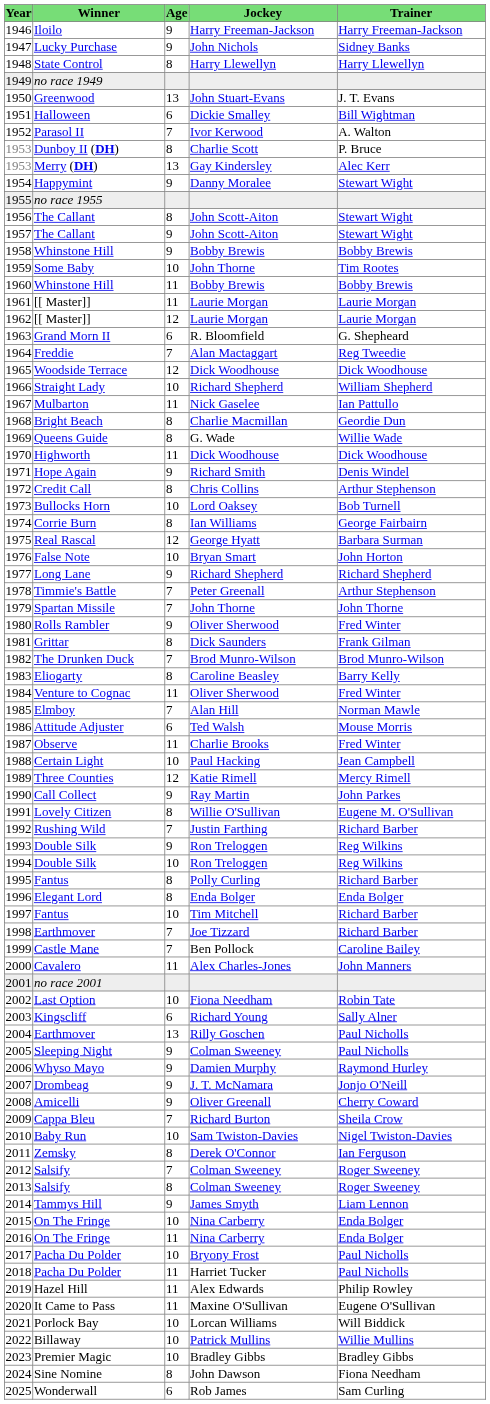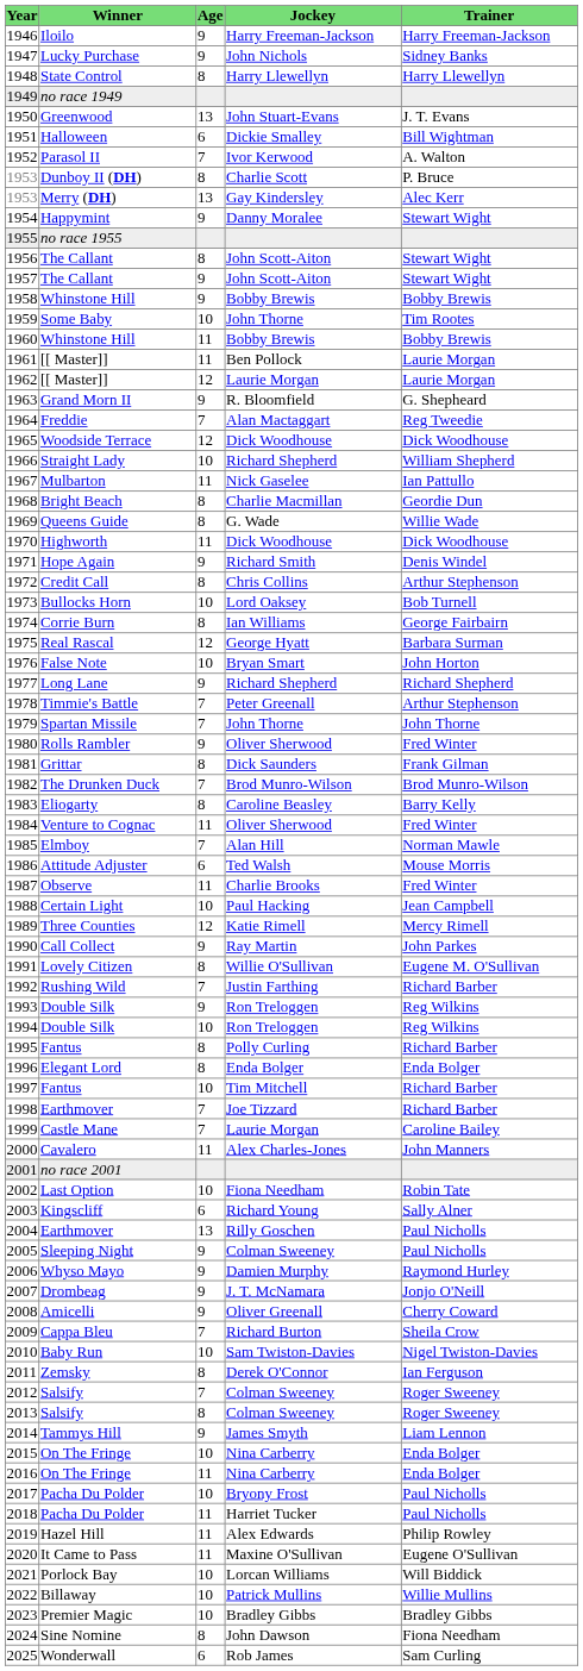 <table class="sortable" | border="1" style="border-collapse: collapse;">
 <tr bgcolor="#77dd77" align="center">
 <th>Year</th>
 <th>Winner</th>
 <th>Age</th>
 <th>Jockey</th>
 <th>Trainer</th>
 </tr>
 <tr>
 <td>1946</td>
 <td width=160px><a href='#'>Iloilo</a></td>
 <td>9</td>
 <td width=180px><a href='#'>Harry Freeman-Jackson</a></td>
 <td width=180px><a href='#'>Harry Freeman-Jackson</a></td>
 </tr>
 <tr>
 <td>1947</td>
 <td><a href='#'>Lucky Purchase</a></td>
 <td>9</td>
 <td><a href='#'>John Nichols</a></td>
 <td><a href='#'>Sidney Banks</a></td>
 </tr>
 <tr>
 <td>1948</td>
 <td><a href='#'>State Control</a></td>
 <td>8</td>
 <td><a href='#'>Harry Llewellyn</a></td>
 <td><a href='#'>Harry Llewellyn</a></td>
 </tr>
 <tr bgcolor="#eeeeee">
 <td><span>1949</span></td>
 <td><em>no race 1949</em> </td>
 <td></td>
 <td></td>
 <td></td>
 </tr>
 <tr>
 <td>1950</td>
 <td><a href='#'>Greenwood</a></td>
 <td>13</td>
 <td><a href='#'>John Stuart-Evans</a></td>
 <td>J. T. Evans</td>
 </tr>
 <tr>
 <td>1951</td>
 <td><a href='#'>Halloween</a></td>
 <td>6</td>
 <td><a href='#'>Dickie Smalley</a></td>
 <td><a href='#'>Bill Wightman</a></td>
 </tr>
 <tr>
 <td>1952</td>
 <td><a href='#'>Parasol II</a></td>
 <td>7</td>
 <td><a href='#'>Ivor Kerwood</a></td>
 <td>A. Walton</td>
 </tr>
 <tr>
 <td style="color: gray">1953</td>
 <td><a href='#'>Dunboy II</a> (<strong><a href='#'>DH</a></strong>)</td>
 <td>8</td>
 <td><a href='#'>Charlie Scott</a></td>
 <td>P. Bruce</td>
 </tr>
 <tr>
 <td style="color: gray">1953</td>
 <td><a href='#'>Merry</a> (<strong><a href='#'>DH</a></strong>)</td>
 <td>13</td>
 <td><a href='#'>Gay Kindersley</a></td>
 <td><a href='#'>Alec Kerr</a></td>
 </tr>
 <tr>
 <td>1954</td>
 <td><a href='#'>Happymint</a></td>
 <td>9</td>
 <td><a href='#'>Danny Moralee</a></td>
 <td><a href='#'>Stewart Wight</a></td>
 </tr>
 <tr bgcolor="#eeeeee">
 <td><span>1955</span></td>
 <td><em>no race 1955</em> </td>
 <td></td>
 <td></td>
 <td></td>
 </tr>
 <tr>
 <td>1956</td>
 <td><a href='#'>The Callant</a></td>
 <td>8</td>
 <td><a href='#'>John Scott-Aiton</a></td>
 <td><a href='#'>Stewart Wight</a></td>
 </tr>
 <tr>
 <td>1957</td>
 <td><a href='#'>The Callant</a></td>
 <td>9</td>
 <td><a href='#'>John Scott-Aiton</a></td>
 <td><a href='#'>Stewart Wight</a></td>
 </tr>
 <tr>
 <td>1958</td>
 <td><a href='#'>Whinstone Hill</a></td>
 <td>9</td>
 <td><a href='#'>Bobby Brewis</a></td>
 <td><a href='#'>Bobby Brewis</a></td>
 </tr>
 <tr>
 <td>1959</td>
 <td><a href='#'>Some Baby</a></td>
 <td>10</td>
 <td><a href='#'>John Thorne</a></td>
 <td><a href='#'>Tim Rootes</a></td>
 </tr>
 <tr>
 <td>1960</td>
 <td><a href='#'>Whinstone Hill</a></td>
 <td>11</td>
 <td><a href='#'>Bobby Brewis</a></td>
 <td><a href='#'>Bobby Brewis</a></td>
 </tr>
 <tr>
 <td>1961</td>
 <td>[[ Master]]</td>
 <td>11</td>
-<td><a href='#'>Laurie Morgan</a></td>
+<td>Ben Pollock</td>
 <td><a href='#'>Laurie Morgan</a></td>
 </tr>
 <tr>
 <td>1962</td>
 <td>[[ Master]]</td>
 <td>12</td>
 <td><a href='#'>Laurie Morgan</a></td>
 <td><a href='#'>Laurie Morgan</a></td>
 </tr>
 <tr>
 <td>1963</td>
 <td><a href='#'>Grand Morn II</a></td>
-<td>6</td>
+<td>9</td>
 <td>R. Bloomfield</td>
 <td>G. Shepheard</td>
 </tr>
 <tr>
 <td>1964</td>
 <td><a href='#'>Freddie</a></td>
 <td>7</td>
 <td><a href='#'>Alan Mactaggart</a></td>
 <td><a href='#'>Reg Tweedie</a></td>
 </tr>
 <tr>
 <td>1965</td>
 <td><a href='#'>Woodside Terrace</a></td>
 <td>12</td>
 <td><a href='#'>Dick Woodhouse</a></td>
 <td><a href='#'>Dick Woodhouse</a></td>
 </tr>
 <tr>
 <td>1966</td>
 <td><a href='#'>Straight Lady</a></td>
 <td>10</td>
 <td><a href='#'>Richard Shepherd</a></td>
 <td><a href='#'>William Shepherd</a></td>
 </tr>
 <tr>
 <td>1967</td>
 <td><a href='#'>Mulbarton</a></td>
 <td>11</td>
 <td><a href='#'>Nick Gaselee</a></td>
 <td><a href='#'>Ian Pattullo</a></td>
 </tr>
 <tr>
 <td>1968</td>
 <td><a href='#'>Bright Beach</a></td>
 <td>8</td>
 <td><a href='#'>Charlie Macmillan</a></td>
 <td><a href='#'>Geordie Dun</a></td>
 </tr>
 <tr>
 <td>1969</td>
 <td><a href='#'>Queens Guide</a></td>
 <td>8</td>
 <td>G. Wade</td>
 <td><a href='#'>Willie Wade</a></td>
 </tr>
 <tr>
 <td>1970</td>
 <td><a href='#'>Highworth</a></td>
 <td>11</td>
 <td><a href='#'>Dick Woodhouse</a></td>
 <td><a href='#'>Dick Woodhouse</a></td>
 </tr>
 <tr>
 <td>1971</td>
 <td><a href='#'>Hope Again</a></td>
 <td>9</td>
 <td><a href='#'>Richard Smith</a></td>
 <td><a href='#'>Denis Windel</a></td>
 </tr>
 <tr>
 <td>1972</td>
 <td><a href='#'>Credit Call</a></td>
 <td>8</td>
 <td><a href='#'>Chris Collins</a></td>
 <td><a href='#'>Arthur Stephenson</a></td>
 </tr>
 <tr>
 <td>1973</td>
 <td><a href='#'>Bullocks Horn</a></td>
 <td>10</td>
 <td><a href='#'>Lord Oaksey</a></td>
 <td><a href='#'>Bob Turnell</a></td>
 </tr>
 <tr>
 <td>1974</td>
 <td><a href='#'>Corrie Burn</a></td>
 <td>8</td>
 <td><a href='#'>Ian Williams</a></td>
 <td><a href='#'>George Fairbairn</a></td>
 </tr>
 <tr>
 <td>1975</td>
 <td><a href='#'>Real Rascal</a></td>
 <td>12</td>
 <td><a href='#'>George Hyatt</a></td>
 <td><a href='#'>Barbara Surman</a></td>
 </tr>
 <tr>
 <td>1976</td>
 <td><a href='#'>False Note</a></td>
 <td>10</td>
 <td><a href='#'>Bryan Smart</a></td>
 <td><a href='#'>John Horton</a></td>
 </tr>
 <tr>
 <td>1977</td>
 <td><a href='#'>Long Lane</a></td>
 <td>9</td>
 <td><a href='#'>Richard Shepherd</a></td>
 <td><a href='#'>Richard Shepherd</a></td>
 </tr>
 <tr>
 <td>1978</td>
 <td><a href='#'>Timmie's Battle</a></td>
 <td>7</td>
 <td><a href='#'>Peter Greenall</a></td>
 <td><a href='#'>Arthur Stephenson</a></td>
 </tr>
 <tr>
 <td>1979</td>
 <td><a href='#'>Spartan Missile</a></td>
 <td>7</td>
 <td><a href='#'>John Thorne</a></td>
 <td><a href='#'>John Thorne</a></td>
 </tr>
 <tr>
 <td>1980</td>
 <td><a href='#'>Rolls Rambler</a></td>
 <td>9</td>
 <td><a href='#'>Oliver Sherwood</a></td>
 <td><a href='#'>Fred Winter</a></td>
 </tr>
 <tr>
 <td>1981</td>
 <td><a href='#'>Grittar</a></td>
 <td>8</td>
 <td><a href='#'>Dick Saunders</a></td>
 <td><a href='#'>Frank Gilman</a></td>
 </tr>
 <tr>
 <td>1982</td>
 <td><a href='#'>The Drunken Duck</a></td>
 <td>7</td>
 <td><a href='#'>Brod Munro-Wilson</a></td>
 <td><a href='#'>Brod Munro-Wilson</a></td>
 </tr>
 <tr>
 <td>1983</td>
 <td><a href='#'>Eliogarty</a></td>
 <td>8</td>
 <td><a href='#'>Caroline Beasley</a></td>
 <td><a href='#'>Barry Kelly</a></td>
 </tr>
 <tr>
 <td>1984</td>
 <td><a href='#'>Venture to Cognac</a></td>
 <td>11</td>
 <td><a href='#'>Oliver Sherwood</a></td>
 <td><a href='#'>Fred Winter</a></td>
 </tr>
 <tr>
 <td>1985</td>
 <td><a href='#'>Elmboy</a></td>
 <td>7</td>
 <td><a href='#'>Alan Hill</a></td>
 <td><a href='#'>Norman Mawle</a></td>
 </tr>
 <tr>
 <td>1986</td>
 <td><a href='#'>Attitude Adjuster</a></td>
 <td>6</td>
 <td><a href='#'>Ted Walsh</a></td>
 <td><a href='#'>Mouse Morris</a></td>
 </tr>
 <tr>
 <td>1987</td>
 <td><a href='#'>Observe</a></td>
 <td>11</td>
 <td><a href='#'>Charlie Brooks</a></td>
 <td><a href='#'>Fred Winter</a></td>
 </tr>
 <tr>
 <td>1988</td>
 <td><a href='#'>Certain Light</a></td>
 <td>10</td>
 <td><a href='#'>Paul Hacking</a></td>
 <td><a href='#'>Jean Campbell</a></td>
 </tr>
 <tr>
 <td>1989</td>
 <td><a href='#'>Three Counties</a></td>
 <td>12</td>
 <td><a href='#'>Katie Rimell</a></td>
 <td><a href='#'>Mercy Rimell</a></td>
 </tr>
 <tr>
 <td>1990</td>
 <td><a href='#'>Call Collect</a></td>
 <td>9</td>
 <td><a href='#'>Ray Martin</a></td>
 <td><a href='#'>John Parkes</a></td>
 </tr>
 <tr>
 <td>1991</td>
 <td><a href='#'>Lovely Citizen</a></td>
 <td>8</td>
 <td><a href='#'>Willie O'Sullivan</a></td>
 <td><a href='#'>Eugene M. O'Sullivan</a></td>
 </tr>
 <tr>
 <td>1992</td>
 <td><a href='#'>Rushing Wild</a></td>
 <td>7</td>
 <td><a href='#'>Justin Farthing</a></td>
 <td><a href='#'>Richard Barber</a></td>
 </tr>
 <tr>
 <td>1993</td>
 <td><a href='#'>Double Silk</a></td>
 <td>9</td>
 <td><a href='#'>Ron Treloggen</a></td>
 <td><a href='#'>Reg Wilkins</a></td>
 </tr>
 <tr>
 <td>1994</td>
 <td><a href='#'>Double Silk</a></td>
 <td>10</td>
 <td><a href='#'>Ron Treloggen</a></td>
 <td><a href='#'>Reg Wilkins</a></td>
 </tr>
 <tr>
 <td>1995</td>
 <td><a href='#'>Fantus</a></td>
 <td>8</td>
 <td><a href='#'>Polly Curling</a></td>
 <td><a href='#'>Richard Barber</a></td>
 </tr>
 <tr>
 <td>1996</td>
 <td><a href='#'>Elegant Lord</a></td>
 <td>8</td>
 <td><a href='#'>Enda Bolger</a></td>
 <td><a href='#'>Enda Bolger</a></td>
 </tr>
 <tr>
 <td>1997</td>
 <td><a href='#'>Fantus</a></td>
 <td>10</td>
 <td><a href='#'>Tim Mitchell</a></td>
 <td><a href='#'>Richard Barber</a></td>
 </tr>
 <tr>
 <td>1998</td>
 <td><a href='#'>Earthmover</a></td>
 <td>7</td>
 <td><a href='#'>Joe Tizzard</a></td>
 <td><a href='#'>Richard Barber</a></td>
 </tr>
 <tr>
 <td>1999</td>
 <td><a href='#'>Castle Mane</a></td>
 <td>7</td>
-<td>Ben Pollock</td>
+<td><a href='#'>Laurie Morgan</a></td>
 <td><a href='#'>Caroline Bailey</a></td>
 </tr>
 <tr>
 <td>2000</td>
 <td><a href='#'>Cavalero</a></td>
 <td>11</td>
 <td><a href='#'>Alex Charles-Jones</a></td>
 <td><a href='#'>John Manners</a></td>
 </tr>
 <tr bgcolor="#eeeeee">
 <td><span>2001</span></td>
 <td><em>no race 2001</em> </td>
 <td></td>
 <td></td>
 <td></td>
 </tr>
 <tr>
 <td>2002</td>
 <td><a href='#'>Last Option</a></td>
 <td>10</td>
 <td><a href='#'>Fiona Needham</a></td>
 <td><a href='#'>Robin Tate</a></td>
 </tr>
 <tr>
 <td>2003</td>
 <td><a href='#'>Kingscliff</a></td>
 <td>6</td>
 <td><a href='#'>Richard Young</a></td>
 <td><a href='#'>Sally Alner</a></td>
 </tr>
 <tr>
 <td>2004</td>
 <td><a href='#'>Earthmover</a></td>
 <td>13</td>
 <td><a href='#'>Rilly Goschen</a></td>
 <td><a href='#'>Paul Nicholls</a></td>
 </tr>
 <tr>
 <td>2005</td>
 <td><a href='#'>Sleeping Night</a></td>
 <td>9</td>
 <td><a href='#'>Colman Sweeney</a></td>
 <td><a href='#'>Paul Nicholls</a></td>
 </tr>
 <tr>
 <td>2006</td>
 <td><a href='#'>Whyso Mayo</a></td>
 <td>9</td>
 <td><a href='#'>Damien Murphy</a></td>
 <td><a href='#'>Raymond Hurley</a></td>
 </tr>
 <tr>
 <td>2007</td>
 <td><a href='#'>Drombeag</a></td>
 <td>9</td>
 <td><a href='#'>J. T. McNamara</a></td>
 <td><a href='#'>Jonjo O'Neill</a></td>
 </tr>
 <tr>
 <td>2008</td>
 <td><a href='#'>Amicelli</a></td>
 <td>9</td>
 <td><a href='#'>Oliver Greenall</a></td>
 <td><a href='#'>Cherry Coward</a></td>
 </tr>
 <tr>
 <td>2009</td>
 <td><a href='#'>Cappa Bleu</a></td>
 <td>7</td>
 <td><a href='#'>Richard Burton</a></td>
 <td><a href='#'>Sheila Crow</a></td>
 </tr>
 <tr>
 <td>2010</td>
 <td><a href='#'>Baby Run</a></td>
 <td>10</td>
 <td><a href='#'>Sam Twiston-Davies</a></td>
 <td><a href='#'>Nigel Twiston-Davies</a></td>
 </tr>
 <tr>
 <td>2011</td>
 <td><a href='#'>Zemsky</a></td>
 <td>8</td>
 <td><a href='#'>Derek O'Connor</a></td>
 <td><a href='#'>Ian Ferguson</a></td>
 </tr>
 <tr>
 <td>2012</td>
 <td><a href='#'>Salsify</a></td>
 <td>7</td>
 <td><a href='#'>Colman Sweeney</a></td>
 <td><a href='#'>Roger Sweeney</a></td>
 </tr>
 <tr>
 <td>2013</td>
 <td><a href='#'>Salsify</a></td>
 <td>8</td>
 <td><a href='#'>Colman Sweeney</a></td>
 <td><a href='#'>Roger Sweeney</a></td>
 </tr>
 <tr>
 <td>2014</td>
 <td><a href='#'>Tammys Hill</a></td>
 <td>9</td>
 <td><a href='#'>James Smyth</a></td>
 <td><a href='#'>Liam Lennon</a></td>
 </tr>
 <tr>
 <td>2015</td>
 <td><a href='#'>On The Fringe</a></td>
 <td>10</td>
 <td><a href='#'>Nina Carberry</a></td>
 <td><a href='#'>Enda Bolger</a></td>
 </tr>
 <tr>
 <td>2016</td>
 <td><a href='#'>On The Fringe</a></td>
 <td>11</td>
 <td><a href='#'>Nina Carberry</a></td>
 <td><a href='#'>Enda Bolger</a></td>
 </tr>
 <tr>
 <td>2017</td>
 <td><a href='#'>Pacha Du Polder</a></td>
 <td>10</td>
 <td><a href='#'>Bryony Frost</a></td>
 <td><a href='#'>Paul Nicholls</a></td>
 </tr>
 <tr>
 <td>2018</td>
 <td><a href='#'>Pacha Du Polder</a></td>
 <td>11</td>
 <td>Harriet Tucker</td>
 <td><a href='#'>Paul Nicholls</a></td>
 </tr>
 <tr>
 <td>2019</td>
 <td>Hazel Hill</td>
 <td>11</td>
 <td>Alex Edwards</td>
 <td>Philip Rowley</td>
 </tr>
 <tr>
 <td>2020</td>
 <td>It Came to Pass</td>
 <td>11</td>
 <td>Maxine O'Sullivan</td>
 <td>Eugene O'Sullivan</td>
 </tr>
 <tr>
 <td>2021</td>
 <td>Porlock Bay</td>
 <td>10</td>
 <td>Lorcan Williams</td>
 <td>Will Biddick</td>
 </tr>
 <tr>
 <td>2022</td>
 <td>Billaway</td>
 <td>10</td>
 <td><a href='#'>Patrick Mullins</a></td>
 <td><a href='#'>Willie Mullins</a></td>
 </tr>
 <tr>
 <td>2023</td>
 <td>Premier Magic</td>
 <td>10</td>
 <td>Bradley Gibbs</td>
 <td>Bradley Gibbs</td>
 </tr>
 <tr>
 <td>2024</td>
 <td>Sine Nomine</td>
 <td>8</td>
 <td>John Dawson</td>
 <td>Fiona Needham</td>
 </tr>
 <tr>
 <td>2025</td>
 <td>Wonderwall</td>
 <td>6</td>
 <td>Rob James</td>
 <td>Sam Curling</td>
 </tr>
 </table>
